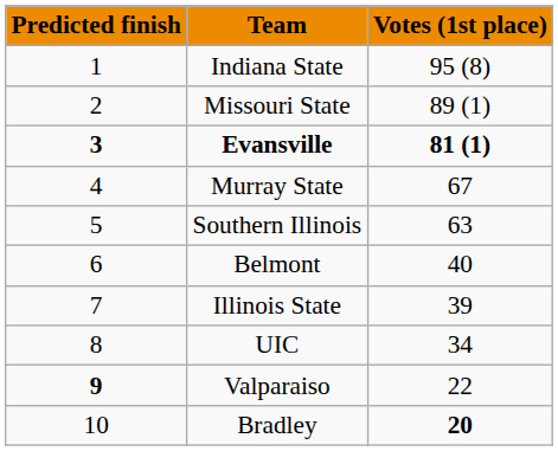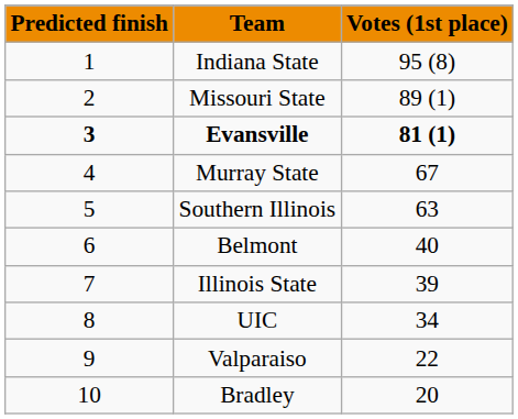 <table class="wikitable" style="display: inline-table;">
 <tr>
 </tr>
 <tr>
 <th style="background: #ED8B00; color: #000000;">Predicted finish</th>
 <th style="background: #ED8B00; color: #000000;">Team</th>
 <th style="background: #ED8B00; color: #000000;">Votes (1st place)</th>
 </tr>
 <tr align="center">
 <td>1</td>
 <td>Indiana State</td>
 <td>95 (8)</td>
 </tr>
 <tr align="center">
 <td>2</td>
 <td>Missouri State</td>
 <td>89 (1)</td>
 </tr>
 <tr align="center">
 <td><strong>3</strong></td>
 <td><strong>Evansville</strong></td>
 <td><strong>81 (1)</strong></td>
 </tr>
 <tr align="center">
 <td>4</td>
 <td>Murray State</td>
 <td>67</td>
 </tr>
 <tr align="center">
 <td>5</td>
 <td>Southern Illinois</td>
 <td>63</td>
 </tr>
 <tr align="center">
 <td>6</td>
 <td>Belmont</td>
 <td>40</td>
 </tr>
 <tr align="center">
 <td>7</td>
 <td>Illinois State</td>
 <td>39</td>
 </tr>
 <tr align="center">
 <td>8</td>
 <td>UIC</td>
 <td>34</td>
 </tr>
 <tr align="center">
-<td><strong>9</strong></td>
+<td>9</td>
 <td>Valparaiso</td>
 <td>22</td>
 </tr>
 <tr align="center">
 <td>10</td>
 <td>Bradley</td>
-<td><strong>20</strong></td>
+<td>20</td>
 </tr>
 </table>
